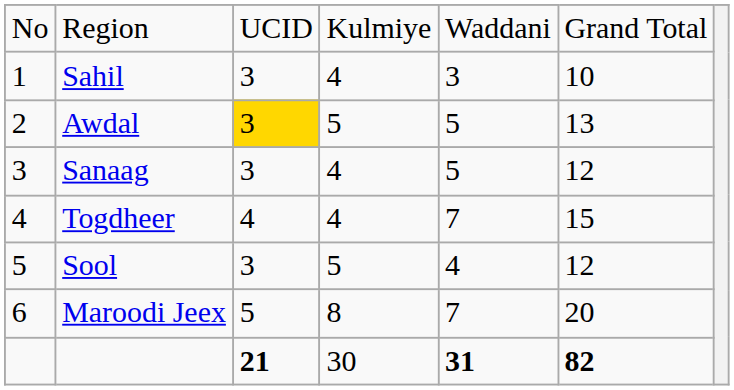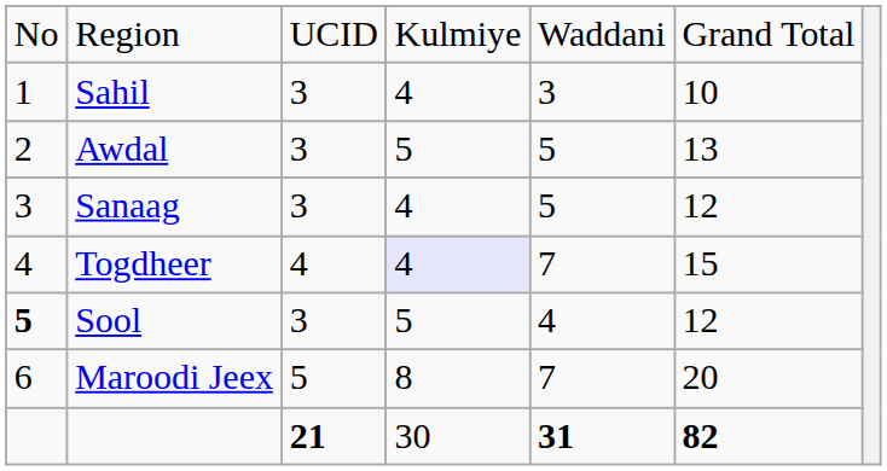 <table class="wikitable">
 <tr>
 <td>No</td>
 <td>Region</td>
 <td>UCID</td>
 <td>Kulmiye</td>
 <td>Waddani</td>
 <td>Grand Total</td>
 <th rowspan="8"></th>
 </tr>
 <tr>
 <td>1</td>
 <td><a href='#'>Sahil</a></td>
 <td>3</td>
 <td>4</td>
 <td>3</td>
 <td>10</td>
 </tr>
 <tr>
 <td>2</td>
 <td><a href='#'>Awdal</a></td>
-<td style="background: gold;">3</td>
+<td>3</td>
 <td>5</td>
 <td>5</td>
 <td>13</td>
 </tr>
 <tr>
 <td>3</td>
 <td><a href='#'>Sanaag</a></td>
 <td>3</td>
 <td>4</td>
 <td>5</td>
 <td>12</td>
 </tr>
 <tr>
 <td>4</td>
 <td><a href='#'>Togdheer</a></td>
 <td>4</td>
-<td>4</td>
+<td style="background: lavender;">4</td>
 <td>7</td>
 <td>15</td>
 </tr>
 <tr>
-<td>5</td>
+<td><strong>5</strong></td>
 <td><a href='#'>Sool</a></td>
 <td>3</td>
 <td>5</td>
 <td>4</td>
 <td>12</td>
 </tr>
 <tr>
 <td>6</td>
 <td><a href='#'>Maroodi Jeex</a></td>
 <td>5</td>
 <td>8</td>
 <td>7</td>
 <td>20</td>
 </tr>
 <tr>
 <td></td>
 <td></td>
 <td><strong>21</strong></td>
 <td>30</td>
 <td><strong>31</strong></td>
 <td><strong>82</strong></td>
 </tr>
 </table>
